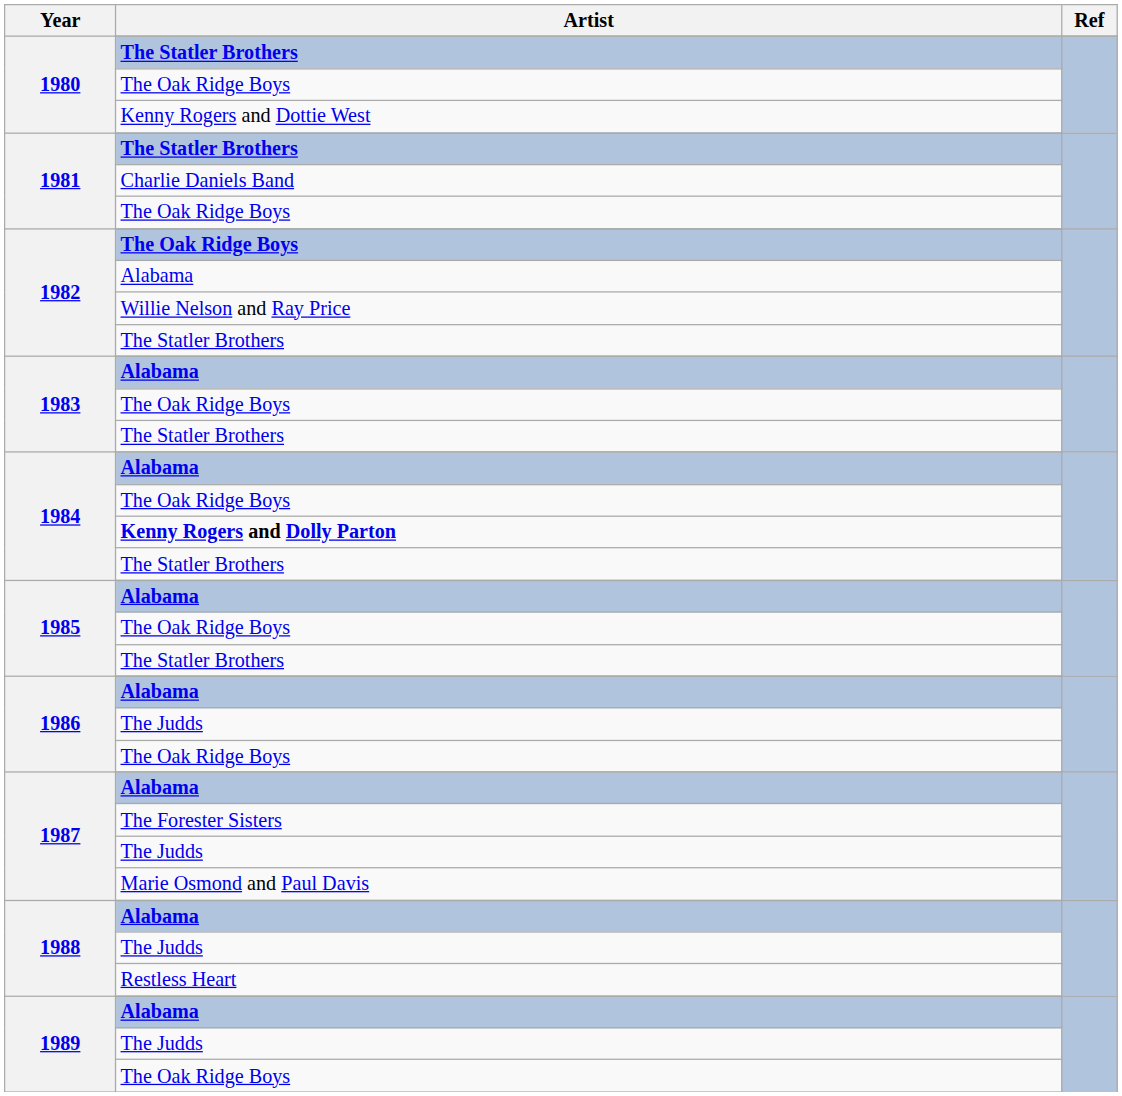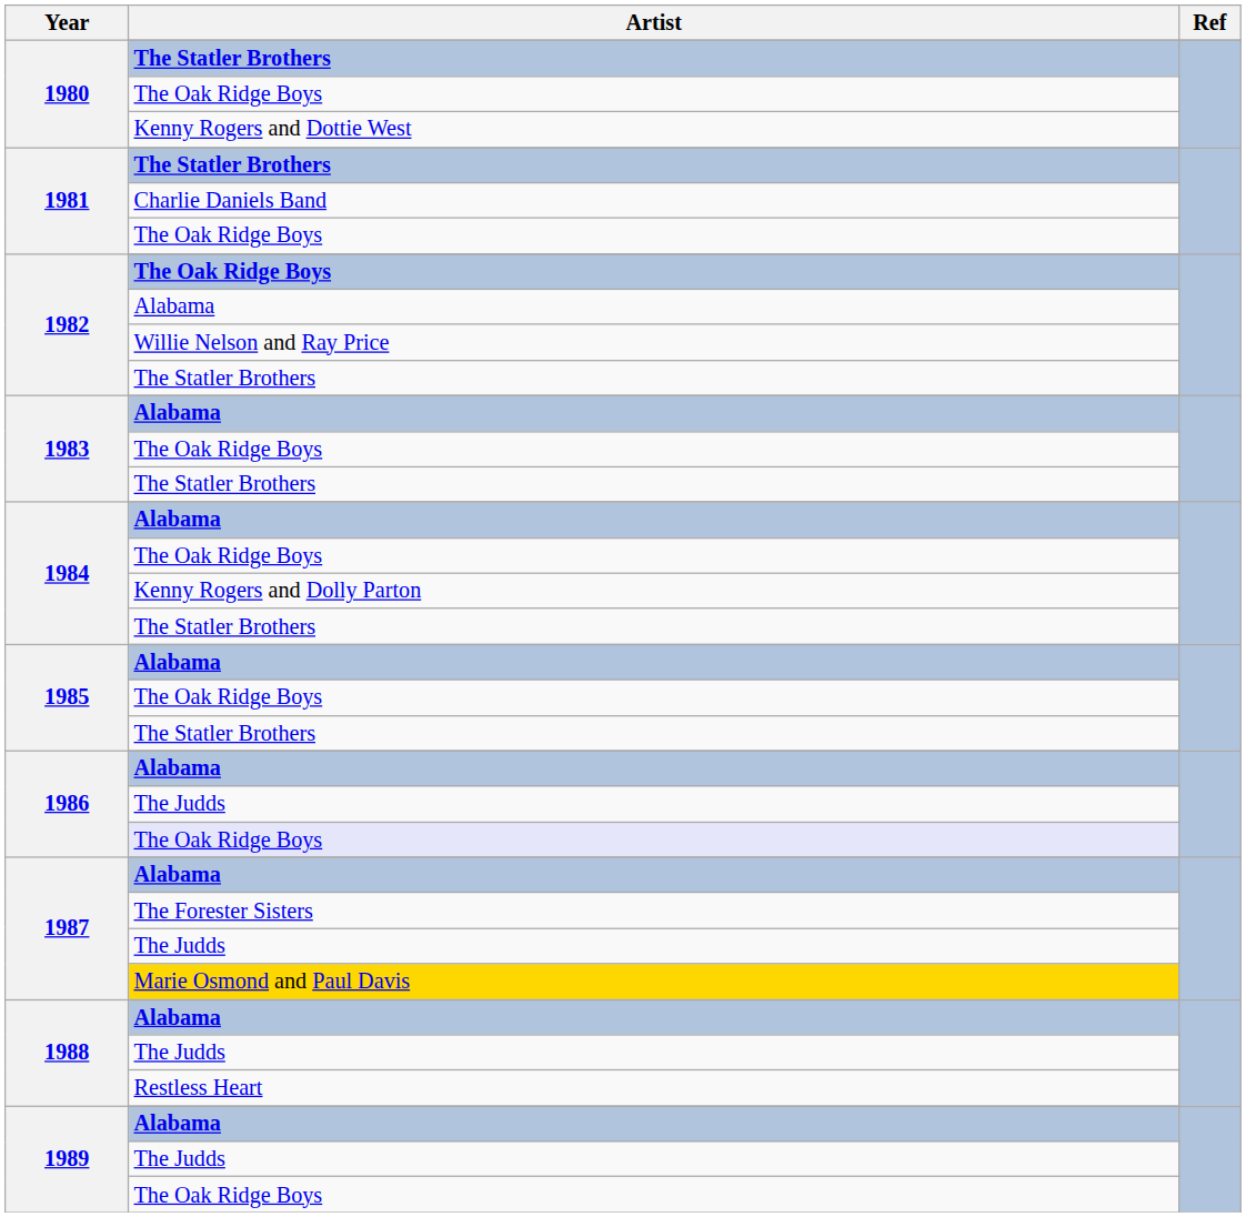 <table class="wikitable" width="100%">
 <tr>
 <th width="10%">Year</th>
 <th width="85%">Artist</th>
 <th width="5%">Ref</th>
 </tr>
 <tr>
 <th rowspan="4" align="center"><a href='#'>1980<br></a></th>
 </tr>
 <tr style="background:#B0C4DE">
 <td><strong><a href='#'>The Statler Brothers</a></strong></td>
 <td rowspan="4" align="center"></td>
 </tr>
 <tr>
 <td><a href='#'>The Oak Ridge Boys</a></td>
 </tr>
 <tr>
 <td><a href='#'>Kenny Rogers</a> and <a href='#'>Dottie West</a></td>
 </tr>
 <tr>
 <th rowspan="4" align="center"><a href='#'>1981<br></a></th>
 </tr>
 <tr style="background:#B0C4DE">
 <td><strong><a href='#'>The Statler Brothers</a></strong></td>
 <td rowspan="4" align="center"></td>
 </tr>
 <tr>
 <td><a href='#'>Charlie Daniels Band</a></td>
 </tr>
 <tr>
 <td><a href='#'>The Oak Ridge Boys</a></td>
 </tr>
 <tr>
 <th rowspan="5" align="center"><a href='#'>1982<br></a></th>
 </tr>
 <tr style="background:#B0C4DE">
 <td><strong><a href='#'>The Oak Ridge Boys</a></strong></td>
 <td rowspan="5" align="center"></td>
 </tr>
 <tr>
 <td><a href='#'>Alabama</a></td>
 </tr>
 <tr>
 <td><a href='#'>Willie Nelson</a> and <a href='#'>Ray Price</a></td>
 </tr>
 <tr>
 <td><a href='#'>The Statler Brothers</a></td>
 </tr>
 <tr>
 <th rowspan="4" align="center"><a href='#'>1983<br></a></th>
 </tr>
 <tr style="background:#B0C4DE">
 <td><strong><a href='#'>Alabama</a></strong></td>
 <td rowspan="4" align="center"></td>
 </tr>
 <tr>
 <td><a href='#'>The Oak Ridge Boys</a></td>
 </tr>
 <tr>
 <td><a href='#'>The Statler Brothers</a></td>
 </tr>
 <tr>
 <th rowspan="5" align="center"><a href='#'>1984<br></a></th>
 </tr>
 <tr style="background:#B0C4DE">
 <td><strong><a href='#'>Alabama</a></strong></td>
 <td rowspan="5" align="center"></td>
 </tr>
 <tr>
 <td><a href='#'>The Oak Ridge Boys</a></td>
 </tr>
 <tr>
-<td><strong><a href='#'>Kenny Rogers</a> and <a href='#'>Dolly Parton</a></strong></td>
+<td><a href='#'>Kenny Rogers</a> and <a href='#'>Dolly Parton</a></td>
 </tr>
 <tr>
 <td><a href='#'>The Statler Brothers</a></td>
 </tr>
 <tr>
 <th rowspan="4" align="center"><a href='#'>1985<br></a></th>
 </tr>
 <tr style="background:#B0C4DE">
 <td><strong><a href='#'>Alabama</a></strong></td>
 <td rowspan="4" align="center"></td>
 </tr>
 <tr>
 <td><a href='#'>The Oak Ridge Boys</a></td>
 </tr>
 <tr>
 <td><a href='#'>The Statler Brothers</a></td>
 </tr>
 <tr>
 <th rowspan="4" align="center"><a href='#'>1986<br></a></th>
 </tr>
 <tr style="background:#B0C4DE">
 <td><strong><a href='#'>Alabama</a></strong></td>
 <td rowspan="4" align="center"></td>
 </tr>
 <tr>
 <td><a href='#'>The Judds</a></td>
 </tr>
 <tr>
-<td><a href='#'>The Oak Ridge Boys</a></td>
+<td style="background: lavender;"><a href='#'>The Oak Ridge Boys</a></td>
 </tr>
 <tr>
 <th rowspan="5" align="center"><a href='#'>1987<br></a></th>
 </tr>
 <tr style="background:#B0C4DE">
 <td><strong><a href='#'>Alabama</a></strong></td>
 <td rowspan="5" align="center"></td>
 </tr>
 <tr>
 <td><a href='#'>The Forester Sisters</a></td>
 </tr>
 <tr>
 <td><a href='#'>The Judds</a></td>
 </tr>
 <tr>
-<td><a href='#'>Marie Osmond</a> and <a href='#'>Paul Davis</a></td>
+<td style="background: gold;"><a href='#'>Marie Osmond</a> and <a href='#'>Paul Davis</a></td>
 </tr>
 <tr>
 <th rowspan="4" align="center"><a href='#'>1988<br></a></th>
 </tr>
 <tr style="background:#B0C4DE">
 <td><strong><a href='#'>Alabama</a></strong></td>
 <td rowspan="4" align="center"></td>
 </tr>
 <tr>
 <td><a href='#'>The Judds</a></td>
 </tr>
 <tr>
 <td><a href='#'>Restless Heart</a></td>
 </tr>
 <tr>
 <th rowspan="4" align="center"><a href='#'>1989<br></a></th>
 </tr>
 <tr style="background:#B0C4DE">
 <td><strong><a href='#'>Alabama</a></strong></td>
 <td rowspan="4" align="center"></td>
 </tr>
 <tr>
 <td><a href='#'>The Judds</a></td>
 </tr>
 <tr>
 <td><a href='#'>The Oak Ridge Boys</a></td>
 </tr>
 </table>
